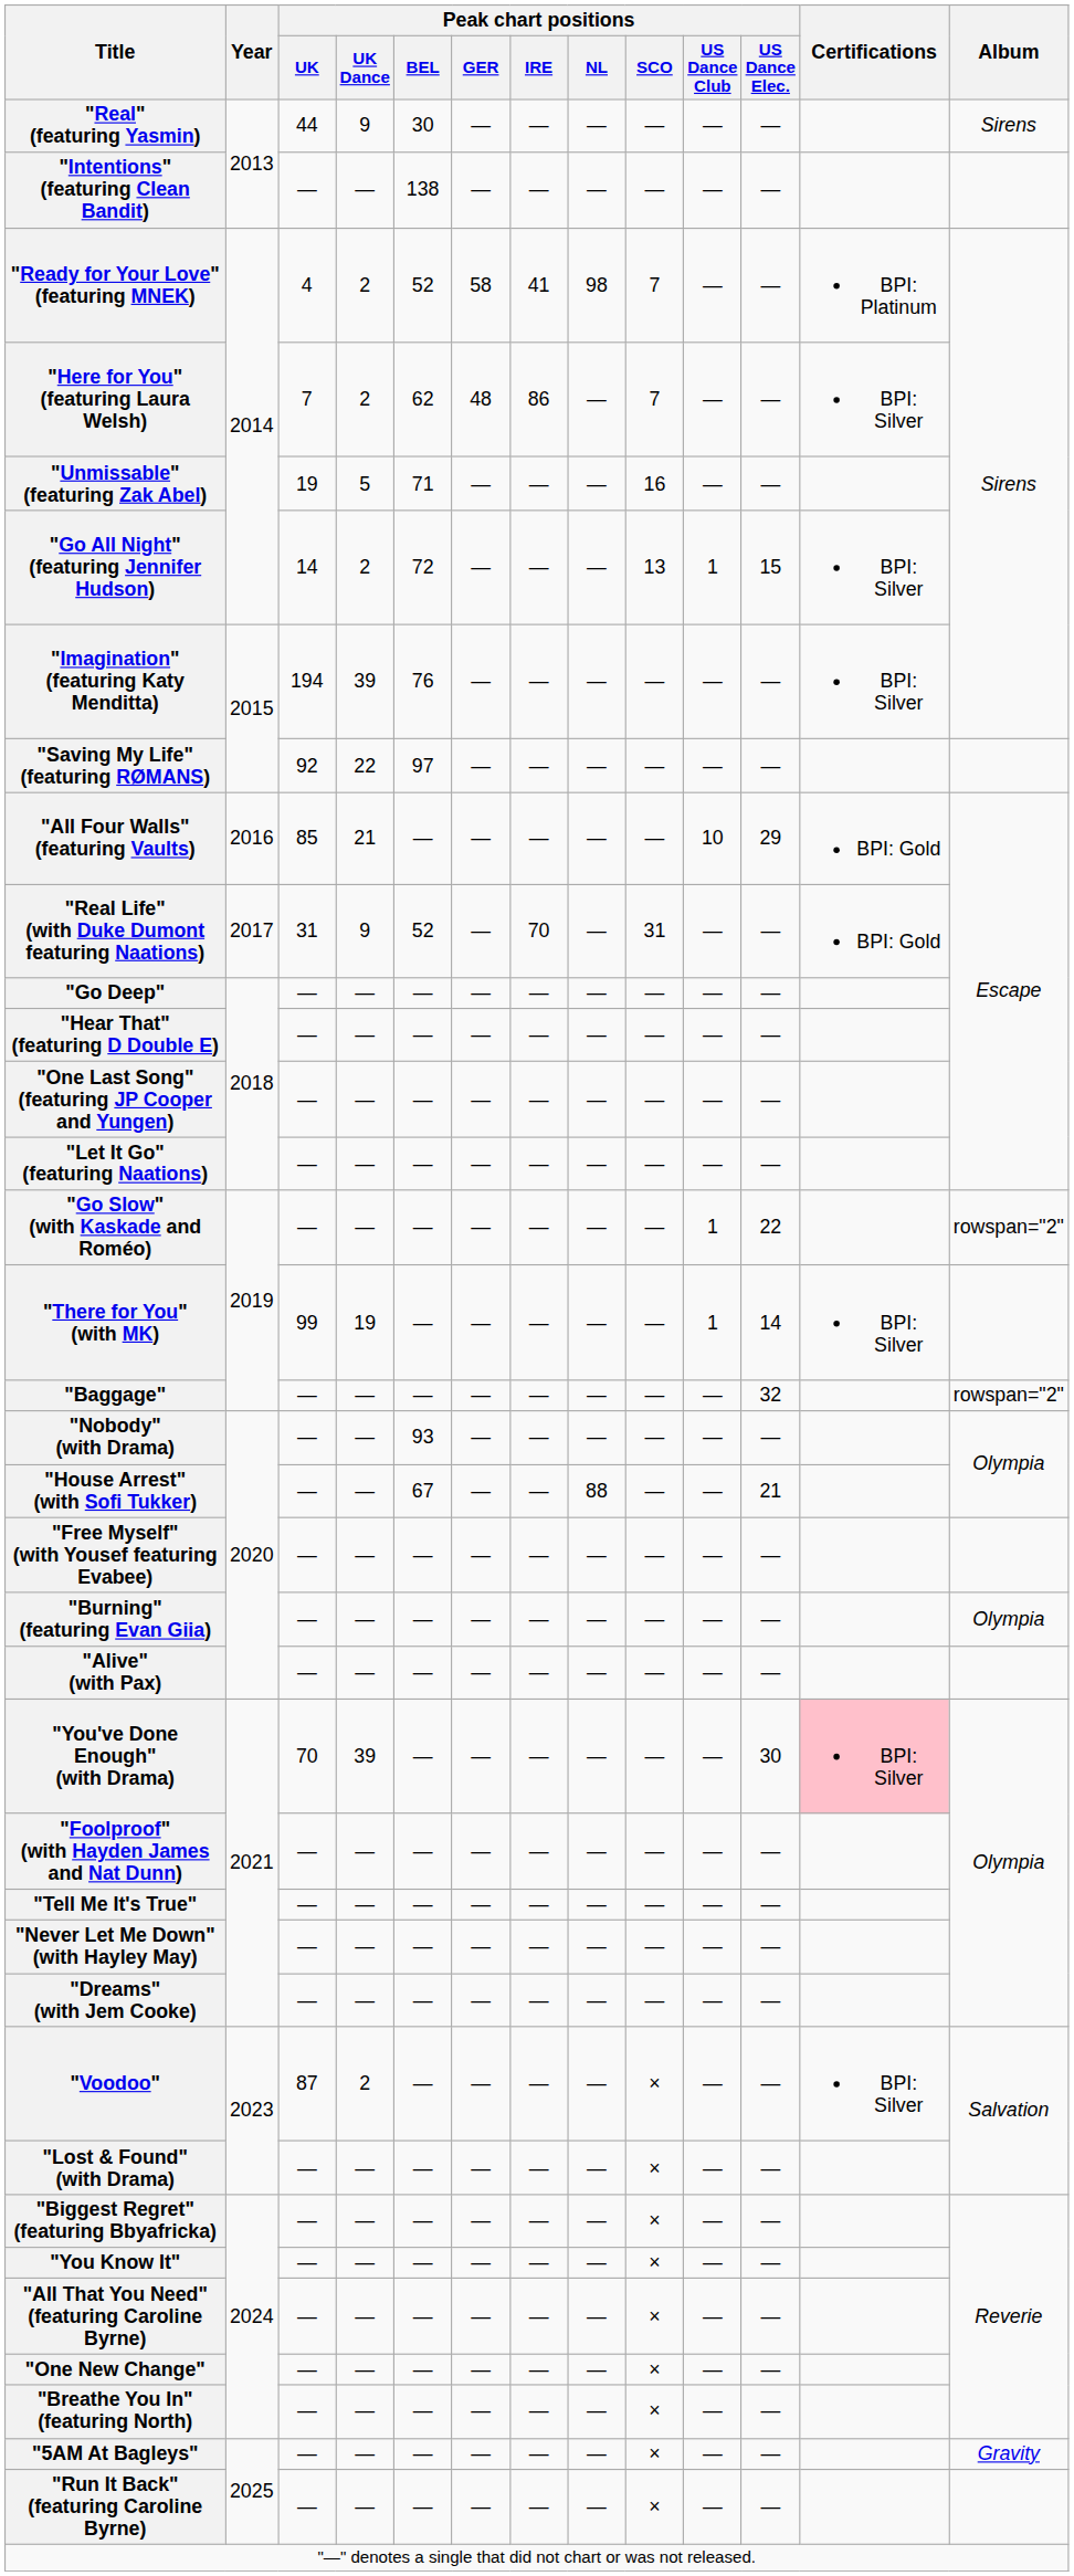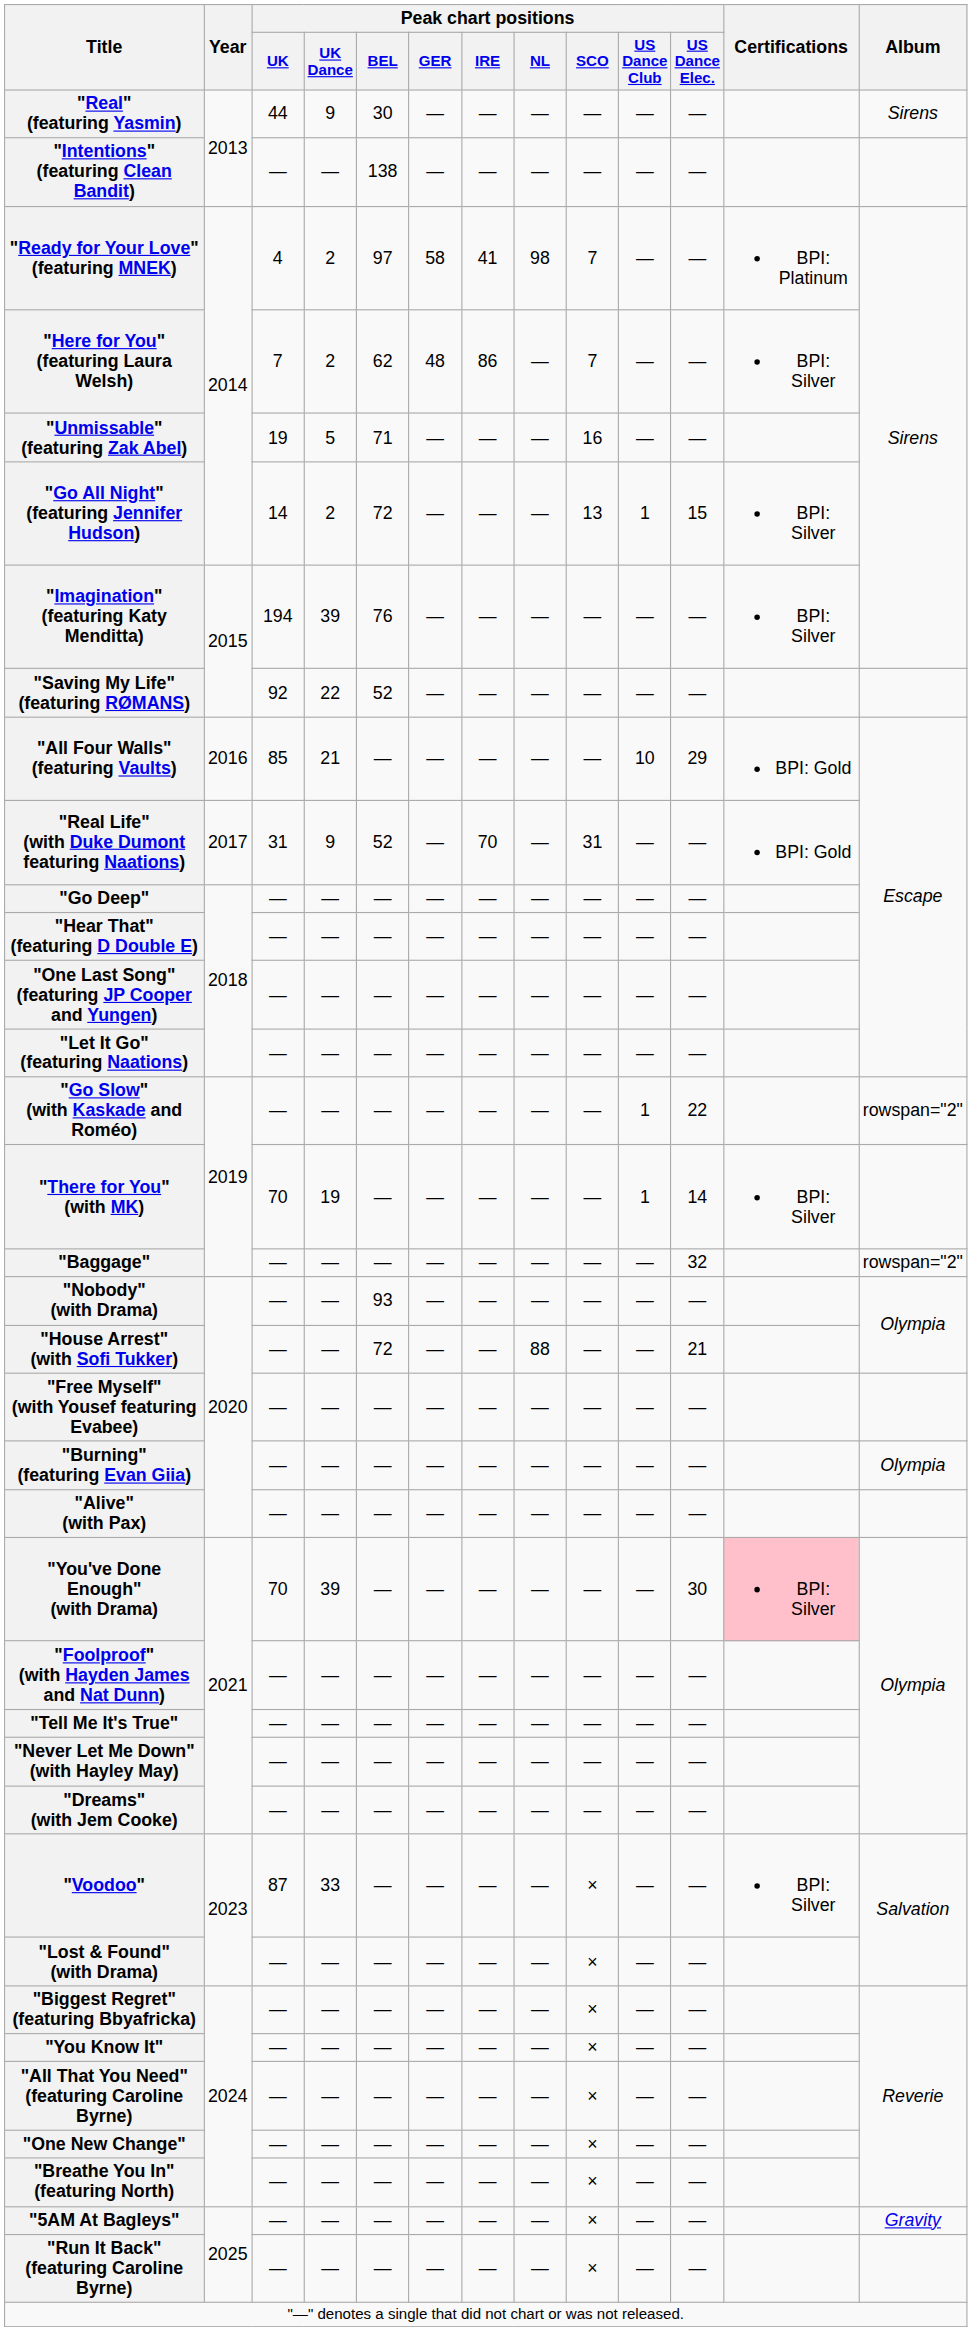 <table class="wikitable plainrowheaders" style="text-align:center;">
 <tr>
 <th scope="col" rowspan="2">Title</th>
 <th scope="col" rowspan="2">Year</th>
 <th scope="col" colspan="9">Peak chart positions</th>
 <th scope="col" rowspan="2">Certifications</th>
 <th scope="col" rowspan="2">Album</th>
 </tr>
 <tr>
 <th scope="col" style="width:3em;font-size:85%;"><a href='#'>UK</a><br></th>
 <th scope="col" style="width:3em;font-size:85%;"><a href='#'>UK Dance</a><br></th>
 <th scope="col" style="width:3em;font-size:85%;"><a href='#'>BEL</a><br></th>
 <th scope="col" style="width:3em;font-size:85%;"><a href='#'>GER</a><br></th>
 <th scope="col" style="width:3em;font-size:85%;"><a href='#'>IRE</a><br></th>
 <th scope="col" style="width:3em;font-size:85%;"><a href='#'>NL</a><br></th>
 <th scope="col" style="width:3em;font-size:85%;"><a href='#'>SCO</a><br></th>
 <th scope="col" style="width:3em;font-size:85%;"><a href='#'>US<br>Dance<br>Club</a><br></th>
 <th scope="col" style="width:3em;font-size:85%;"><a href='#'>US<br>Dance<br>Elec.</a><br></th>
 </tr>
 <tr>
 <th scope="row">"<a href='#'>Real</a>"<br><span>(featuring <a href='#'>Yasmin</a>)</span></th>
 <td rowspan="2">2013</td>
 <td>44</td>
 <td>9</td>
 <td>30</td>
 <td>—</td>
 <td>—</td>
 <td>—</td>
 <td>—</td>
 <td>—</td>
 <td>—</td>
 <td></td>
 <td><em>Sirens</em></td>
 </tr>
 <tr>
 <th scope="row">"<a href='#'>Intentions</a>"<br><span>(featuring <a href='#'>Clean Bandit</a>)</span></th>
 <td>—</td>
 <td>—</td>
 <td>138</td>
 <td>—</td>
 <td>—</td>
 <td>—</td>
 <td>—</td>
 <td>—</td>
 <td>—</td>
 <td></td>
 <td></td>
 </tr>
 <tr>
 <th scope="row">"<a href='#'>Ready for Your Love</a>"<br><span>(featuring <a href='#'>MNEK</a>)</span></th>
 <td rowspan="4">2014</td>
 <td>4</td>
 <td>2</td>
-<td>52</td>
+<td>97</td>
 <td>58</td>
 <td>41</td>
 <td>98</td>
 <td>7</td>
 <td>—</td>
 <td>—</td>
 <td><br><ul><li>BPI: Platinum</li></ul></td>
 <td rowspan="5"><em>Sirens</em></td>
 </tr>
 <tr>
 <th scope="row">"<a href='#'>Here for You</a>"<br><span>(featuring Laura Welsh)</span></th>
 <td>7</td>
 <td>2</td>
 <td>62</td>
 <td>48</td>
 <td>86</td>
 <td>—</td>
 <td>7</td>
 <td>—</td>
 <td>—</td>
 <td><br><ul><li>BPI: Silver</li></ul></td>
 </tr>
 <tr>
 <th scope="row">"<a href='#'>Unmissable</a>"<br><span>(featuring <a href='#'>Zak Abel</a>)</span></th>
 <td>19</td>
 <td>5</td>
 <td>71</td>
 <td>—</td>
 <td>—</td>
 <td>—</td>
 <td>16</td>
 <td>—</td>
 <td>—</td>
 <td></td>
 </tr>
 <tr>
 <th scope="row">"<a href='#'>Go All Night</a>"<br><span>(featuring <a href='#'>Jennifer Hudson</a>)</span></th>
 <td>14</td>
 <td>2</td>
 <td>72</td>
 <td>—</td>
 <td>—</td>
 <td>—</td>
 <td>13</td>
 <td>1</td>
 <td>15</td>
 <td><br><ul><li>BPI: Silver</li></ul></td>
 </tr>
 <tr>
 <th scope="row">"<a href='#'>Imagination</a>"<br><span>(featuring Katy Menditta)</span></th>
 <td rowspan="2">2015</td>
 <td>194</td>
 <td>39</td>
 <td>76</td>
 <td>—</td>
 <td>—</td>
 <td>—</td>
 <td>—</td>
 <td>—</td>
 <td>—</td>
 <td><br><ul><li>BPI: Silver</li></ul></td>
 </tr>
 <tr>
 <th scope="row">"Saving My Life"<br><span>(featuring <a href='#'>RØMANS</a>)</span></th>
 <td>92</td>
 <td>22</td>
-<td>97</td>
+<td>52</td>
 <td>—</td>
 <td>—</td>
 <td>—</td>
 <td>—</td>
 <td>—</td>
 <td>—</td>
 <td></td>
 <td></td>
 </tr>
 <tr>
 <th scope="row">"All Four Walls"<br><span>(featuring <a href='#'>Vaults</a>)</span></th>
 <td>2016</td>
 <td>85</td>
 <td>21</td>
 <td>—</td>
 <td>—</td>
 <td>—</td>
 <td>—</td>
 <td>—</td>
 <td>10</td>
 <td>29</td>
 <td><br><ul><li>BPI: Gold</li></ul></td>
 <td rowspan="6"><em>Escape</em></td>
 </tr>
 <tr>
 <th scope="row">"Real Life"<br><span>(with <a href='#'>Duke Dumont</a> featuring <a href='#'>Naations</a>)</span></th>
 <td>2017</td>
 <td>31</td>
 <td>9</td>
 <td>52</td>
 <td>—</td>
 <td>70<br></td>
 <td>—</td>
 <td>31</td>
 <td>—</td>
 <td>—</td>
 <td><br><ul><li>BPI: Gold</li></ul></td>
 </tr>
 <tr>
 <th scope="row">"Go Deep"<br></th>
 <td rowspan="4">2018</td>
 <td>—</td>
 <td>—</td>
 <td>—</td>
 <td>—</td>
 <td>—</td>
 <td>—</td>
 <td>—</td>
 <td>—</td>
 <td>—</td>
 <td></td>
 </tr>
 <tr>
 <th scope="row">"Hear That"<br><span>(featuring <a href='#'>D Double E</a>)</span></th>
 <td>—</td>
 <td>—</td>
 <td>—</td>
 <td>—</td>
 <td>—</td>
 <td>—</td>
 <td>—</td>
 <td>—</td>
 <td>—</td>
 <td></td>
 </tr>
 <tr>
 <th scope="row">"One Last Song" <br><span>(featuring <a href='#'>JP Cooper</a> and <a href='#'>Yungen</a>)</span></th>
 <td>—</td>
 <td>—</td>
 <td>—</td>
 <td>—</td>
 <td>—</td>
 <td>—</td>
 <td>—</td>
 <td>—</td>
 <td>—</td>
 <td></td>
 </tr>
 <tr>
 <th scope="row">"Let It Go" <br><span>(featuring <a href='#'>Naations</a>)</span></th>
 <td>—</td>
 <td>—</td>
 <td>—</td>
 <td>—</td>
 <td>—</td>
 <td>—</td>
 <td>—</td>
 <td>—</td>
 <td>—</td>
 <td></td>
 </tr>
 <tr>
 <th scope="row">"<a href='#'>Go Slow</a>" <br><span>(with <a href='#'>Kaskade</a> and Roméo)</span></th>
 <td rowspan="3">2019</td>
 <td>—</td>
 <td>—</td>
 <td>—</td>
 <td>—</td>
 <td>—</td>
 <td>—</td>
 <td>—</td>
 <td>1</td>
 <td>22</td>
 <td></td>
 <td>rowspan="2" </td>
 </tr>
 <tr>
 <th scope="row">"<a href='#'>There for You</a>"<br><span>(with <a href='#'>MK</a>)</span></th>
-<td>99</td>
+<td>70</td>
 <td>19</td>
 <td>—</td>
 <td>—</td>
 <td>—</td>
 <td>—</td>
 <td>—</td>
 <td>1</td>
 <td>14</td>
 <td><br><ul><li>BPI: Silver</li></ul></td>
 </tr>
 <tr>
 <th scope="row">"Baggage"<br></th>
 <td>—</td>
 <td>—</td>
 <td>—</td>
 <td>—</td>
 <td>—</td>
 <td>—</td>
 <td>—</td>
 <td>—</td>
 <td>32</td>
 <td></td>
 <td>rowspan="2" </td>
 </tr>
 <tr>
 <th scope="row">"Nobody"<br><span>(with Drama)</span></th>
 <td rowspan="5">2020</td>
 <td>—</td>
 <td>—</td>
 <td>93</td>
 <td>—</td>
 <td>—</td>
 <td>—</td>
 <td>—</td>
 <td>—</td>
 <td>—</td>
 <td></td>
 <td rowspan="2"><em>Olympia</em></td>
 </tr>
 <tr>
 <th scope="row">"House Arrest"<br><span>(with <a href='#'>Sofi Tukker</a>)</span></th>
 <td>—</td>
 <td>—</td>
-<td>67</td>
+<td>72</td>
 <td>—</td>
 <td>—</td>
 <td>88</td>
 <td>—</td>
 <td>—</td>
 <td>21</td>
 <td></td>
 </tr>
 <tr>
 <th scope="row">"Free Myself"<br><span>(with Yousef featuring Evabee)</span></th>
 <td>—</td>
 <td>—</td>
 <td>—</td>
 <td>—</td>
 <td>—</td>
 <td>—</td>
 <td>—</td>
 <td>—</td>
 <td>—</td>
 <td></td>
 <td></td>
 </tr>
 <tr>
 <th scope="row">"Burning" <br><span>(featuring <a href='#'>Evan Giia</a>)</span></th>
 <td>—</td>
 <td>—</td>
 <td>—</td>
 <td>—</td>
 <td>—</td>
 <td>—</td>
 <td>—</td>
 <td>—</td>
 <td>—</td>
 <td></td>
 <td><em>Olympia</em></td>
 </tr>
 <tr>
 <th scope="row">"Alive" <br><span>(with Pax)</span></th>
 <td>—</td>
 <td>—</td>
 <td>—</td>
 <td>—</td>
 <td>—</td>
 <td>—</td>
 <td>—</td>
 <td>—</td>
 <td>—</td>
 <td></td>
 <td></td>
 </tr>
 <tr>
 <th scope="row">"You've Done Enough" <br><span>(with Drama)</span></th>
 <td rowspan="5">2021</td>
 <td>70</td>
 <td>39</td>
 <td>—</td>
 <td>—</td>
 <td>—</td>
 <td>—</td>
 <td>—</td>
 <td>—</td>
 <td>30</td>
 <td style="background: pink;"><br><ul><li>BPI: Silver</li></ul></td>
 <td rowspan="5"><em>Olympia</em></td>
 </tr>
 <tr>
 <th scope="row">"<a href='#'>Foolproof</a>"<br><span>(with <a href='#'>Hayden James</a> and <a href='#'>Nat Dunn</a>)</span></th>
 <td>—</td>
 <td>—</td>
 <td>—</td>
 <td>—</td>
 <td>—</td>
 <td>—</td>
 <td>—</td>
 <td>—</td>
 <td>—</td>
 <td></td>
 </tr>
 <tr>
 <th scope="row">"Tell Me It's True"</th>
 <td>—</td>
 <td>—</td>
 <td>—</td>
 <td>—</td>
 <td>—</td>
 <td>—</td>
 <td>—</td>
 <td>—</td>
 <td>—</td>
 <td></td>
 </tr>
 <tr>
 <th scope="row">"Never Let Me Down" <br><span>(with Hayley May)</span></th>
 <td>—</td>
 <td>—</td>
 <td>—</td>
 <td>—</td>
 <td>—</td>
 <td>—</td>
 <td>—</td>
 <td>—</td>
 <td>—</td>
 <td></td>
 </tr>
 <tr>
 <th scope="row">"Dreams" <br><span>(with Jem Cooke)</span></th>
 <td>—</td>
 <td>—</td>
 <td>—</td>
 <td>—</td>
 <td>—</td>
 <td>—</td>
 <td>—</td>
 <td>—</td>
 <td>—</td>
 <td></td>
 </tr>
 <tr>
 <th scope="row">"<a href='#'>Voodoo</a>"</th>
 <td rowspan="2">2023</td>
 <td>87</td>
-<td>2</td>
+<td>33</td>
 <td>—</td>
 <td>—</td>
 <td>—</td>
 <td>—</td>
 <td>×</td>
 <td>—</td>
 <td>—</td>
 <td><br><ul><li>BPI: Silver</li></ul></td>
 <td rowspan="2"><em>Salvation</em></td>
 </tr>
 <tr>
 <th scope="row">"Lost & Found"<br><span>(with Drama)</span></th>
 <td>—</td>
 <td>—</td>
 <td>—</td>
 <td>—</td>
 <td>—</td>
 <td>—</td>
 <td>×</td>
 <td>—</td>
 <td>—</td>
 <td></td>
 </tr>
 <tr>
 <th scope="row">"Biggest Regret"<br><span>(featuring Bbyafricka)</span></th>
 <td rowspan="5">2024</td>
 <td>—</td>
 <td>—</td>
 <td>—</td>
 <td>—</td>
 <td>—</td>
 <td>—</td>
 <td>×</td>
 <td>—</td>
 <td>—</td>
 <td></td>
 <td rowspan="5"><em>Reverie</em></td>
 </tr>
 <tr>
 <th scope="row">"You Know It"</th>
 <td>—</td>
 <td>—</td>
 <td>—</td>
 <td>—</td>
 <td>—</td>
 <td>—</td>
 <td>×</td>
 <td>—</td>
 <td>—</td>
 <td></td>
 </tr>
 <tr>
 <th scope="row">"All That You Need"<br><span>(featuring Caroline Byrne)</span></th>
 <td>—</td>
 <td>—</td>
 <td>—</td>
 <td>—</td>
 <td>—</td>
 <td>—</td>
 <td>×</td>
 <td>—</td>
 <td>—</td>
 <td></td>
 </tr>
 <tr>
 <th scope="row">"One New Change"</th>
 <td>—</td>
 <td>—</td>
 <td>—</td>
 <td>—</td>
 <td>—</td>
 <td>—</td>
 <td>×</td>
 <td>—</td>
 <td>—</td>
 <td></td>
 </tr>
 <tr>
 <th scope="row">"Breathe You In"<br><span>(featuring North)</span></th>
 <td>—</td>
 <td>—</td>
 <td>—</td>
 <td>—</td>
 <td>—</td>
 <td>—</td>
 <td>×</td>
 <td>—</td>
 <td>—</td>
 <td></td>
 </tr>
 <tr>
 <th scope="row">"5AM At Bagleys"</th>
 <td rowspan="2">2025</td>
 <td>—</td>
 <td>—</td>
 <td>—</td>
 <td>—</td>
 <td>—</td>
 <td>—</td>
 <td>×</td>
 <td>—</td>
 <td>—</td>
 <td></td>
 <td><em><a href='#'>Gravity</a></em></td>
 </tr>
 <tr>
 <th scope="row">"Run It Back"<br><span>(featuring Caroline Byrne)</span></th>
 <td>—</td>
 <td>—</td>
 <td>—</td>
 <td>—</td>
 <td>—</td>
 <td>—</td>
 <td>×</td>
 <td>—</td>
 <td>—</td>
 <td></td>
 </tr>
 <tr>
 <td colspan="18" style="font-size:85%;">"—" denotes a single that did not chart or was not released.</td>
 </tr>
 </table>
